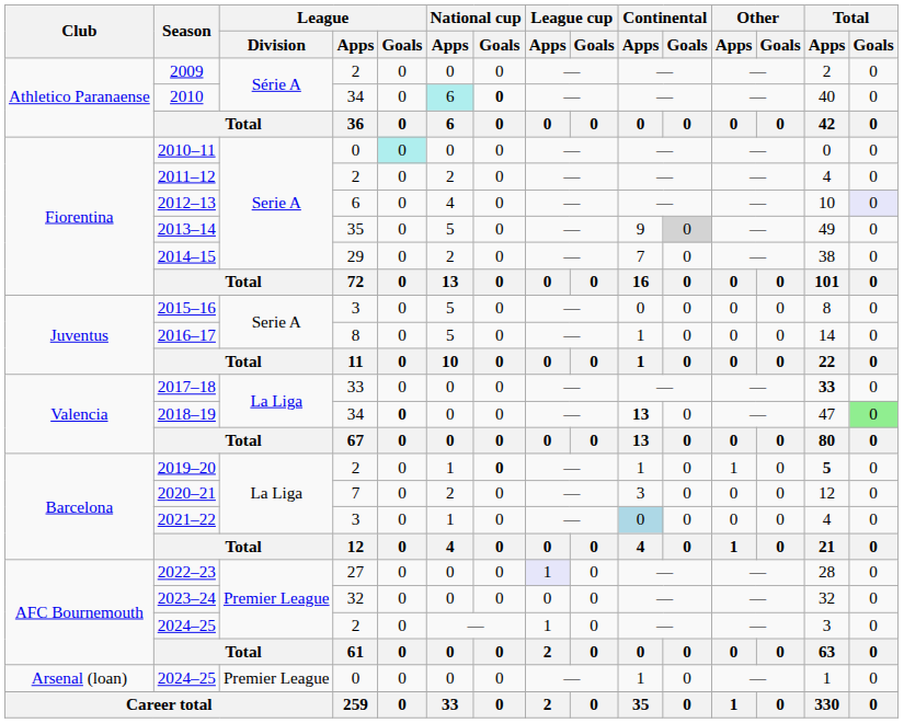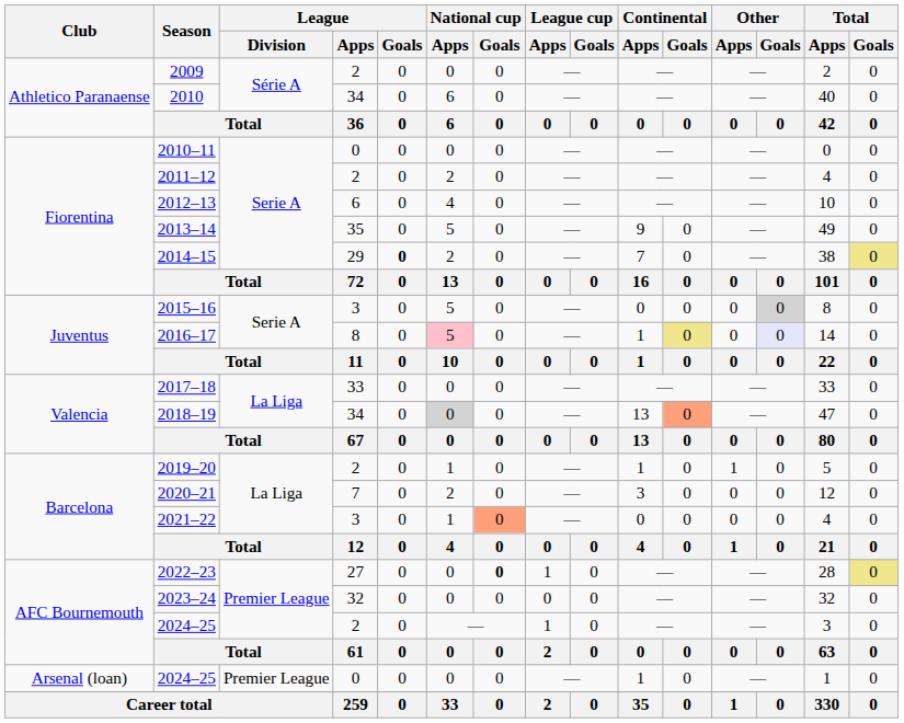 <table class="wikitable" style="text-align: center;">
 <tr>
 <th rowspan="2">Club</th>
 <th rowspan="2">Season</th>
 <th colspan="3">League</th>
 <th colspan="2">National cup</th>
 <th colspan="2">League cup</th>
 <th colspan="2">Continental</th>
 <th colspan="2">Other</th>
 <th colspan="2">Total</th>
 </tr>
 <tr>
 <th>Division</th>
 <th>Apps</th>
 <th>Goals</th>
 <th>Apps</th>
 <th>Goals</th>
 <th>Apps</th>
 <th>Goals</th>
 <th>Apps</th>
 <th>Goals</th>
 <th>Apps</th>
 <th>Goals</th>
 <th>Apps</th>
 <th>Goals</th>
 </tr>
 <tr>
 <td rowspan="3"><a href='#'>Athletico Paranaense</a></td>
 <td><a href='#'>2009</a></td>
 <td rowspan="2"><a href='#'>Série A</a></td>
 <td>2</td>
 <td>0</td>
 <td>0</td>
 <td>0</td>
 <td colspan="2">—</td>
 <td colspan="2">—</td>
 <td colspan="2">—</td>
 <td>2</td>
 <td>0</td>
 </tr>
 <tr>
 <td><a href='#'>2010</a></td>
 <td>34</td>
 <td>0</td>
-<td style="background: paleturquoise;">6</td>
-<td><strong>0</strong></td>
+<td>6</td>
+<td>0</td>
 <td colspan="2">—</td>
 <td colspan="2">—</td>
 <td colspan="2">—</td>
 <td>40</td>
 <td>0</td>
 </tr>
 <tr>
 <th colspan="2">Total</th>
 <th>36</th>
 <th>0</th>
 <th>6</th>
 <th>0</th>
 <th>0</th>
 <th>0</th>
 <th>0</th>
 <th>0</th>
 <th>0</th>
 <th>0</th>
 <th>42</th>
 <th>0</th>
 </tr>
 <tr>
 <td rowspan="6"><a href='#'>Fiorentina</a></td>
 <td><a href='#'>2010–11</a></td>
 <td rowspan="5"><a href='#'>Serie A</a></td>
 <td>0</td>
-<td style="background: paleturquoise;">0</td>
+<td>0</td>
 <td>0</td>
 <td>0</td>
 <td colspan="2">—</td>
 <td colspan="2">—</td>
 <td colspan="2">—</td>
 <td>0</td>
 <td>0</td>
 </tr>
 <tr>
 <td><a href='#'>2011–12</a></td>
 <td>2</td>
 <td>0</td>
 <td>2</td>
 <td>0</td>
 <td colspan="2">—</td>
 <td colspan="2">—</td>
 <td colspan="2">—</td>
 <td>4</td>
 <td>0</td>
 </tr>
 <tr>
 <td><a href='#'>2012–13</a></td>
 <td>6</td>
 <td>0</td>
 <td>4</td>
 <td>0</td>
 <td colspan="2">—</td>
 <td colspan="2">—</td>
 <td colspan="2">—</td>
 <td>10</td>
-<td style="background: lavender;">0</td>
+<td>0</td>
 </tr>
 <tr>
 <td><a href='#'>2013–14</a></td>
 <td>35</td>
 <td>0</td>
 <td>5</td>
 <td>0</td>
 <td colspan="2">—</td>
 <td>9</td>
-<td style="background: lightgrey;">0</td>
+<td>0</td>
 <td colspan="2">—</td>
 <td>49</td>
 <td>0</td>
 </tr>
 <tr>
 <td><a href='#'>2014–15</a></td>
 <td>29</td>
-<td>0</td>
+<td><strong>0</strong></td>
 <td>2</td>
 <td>0</td>
 <td colspan="2">—</td>
 <td>7</td>
 <td>0</td>
 <td colspan="2">—</td>
 <td>38</td>
-<td>0</td>
+<td style="background: khaki;">0</td>
 </tr>
 <tr>
 <th colspan="2">Total</th>
 <th>72</th>
 <th>0</th>
 <th>13</th>
 <th>0</th>
 <th>0</th>
 <th>0</th>
 <th>16</th>
 <th>0</th>
 <th>0</th>
 <th>0</th>
 <th>101</th>
 <th>0</th>
 </tr>
 <tr>
 <td rowspan="3"><a href='#'>Juventus</a></td>
 <td><a href='#'>2015–16</a></td>
 <td rowspan="2">Serie A</td>
 <td>3</td>
 <td>0</td>
 <td>5</td>
 <td>0</td>
 <td colspan="2">—</td>
 <td>0</td>
 <td>0</td>
 <td>0</td>
-<td>0</td>
+<td style="background: lightgrey;">0</td>
 <td>8</td>
 <td>0</td>
 </tr>
 <tr>
 <td><a href='#'>2016–17</a></td>
 <td>8</td>
 <td>0</td>
-<td>5</td>
+<td style="background: pink;">5</td>
 <td>0</td>
 <td colspan="2">—</td>
 <td>1</td>
+<td style="background: khaki;">0</td>
 <td>0</td>
-<td>0</td>
-<td>0</td>
+<td style="background: lavender;">0</td>
 <td>14</td>
 <td>0</td>
 </tr>
 <tr>
 <th colspan="2">Total</th>
 <th>11</th>
 <th>0</th>
 <th>10</th>
 <th>0</th>
 <th>0</th>
 <th>0</th>
 <th>1</th>
 <th>0</th>
 <th>0</th>
 <th>0</th>
 <th>22</th>
 <th>0</th>
 </tr>
 <tr>
 <td rowspan="3"><a href='#'>Valencia</a></td>
 <td><a href='#'>2017–18</a></td>
 <td rowspan="2"><a href='#'>La Liga</a></td>
 <td>33</td>
 <td>0</td>
 <td>0</td>
 <td>0</td>
 <td colspan="2">—</td>
 <td colspan="2">—</td>
 <td colspan="2">—</td>
-<td><strong>33</strong></td>
+<td>33</td>
 <td>0</td>
 </tr>
 <tr>
 <td><a href='#'>2018–19</a></td>
 <td>34</td>
-<td><strong>0</strong></td>
 <td>0</td>
+<td style="background: lightgrey;">0</td>
 <td>0</td>
 <td colspan="2">—</td>
-<td><strong>13</strong></td>
-<td>0</td>
+<td>13</td>
+<td style="background: lightsalmon;">0</td>
 <td colspan="2">—</td>
 <td>47</td>
-<td style="background: lightgreen;">0</td>
+<td>0</td>
 </tr>
 <tr>
 <th colspan="2">Total</th>
 <th>67</th>
 <th>0</th>
 <th>0</th>
 <th>0</th>
 <th>0</th>
 <th>0</th>
 <th>13</th>
 <th>0</th>
 <th>0</th>
 <th>0</th>
 <th>80</th>
 <th>0</th>
 </tr>
 <tr>
 <td rowspan="4"><a href='#'>Barcelona</a></td>
 <td><a href='#'>2019–20</a></td>
 <td rowspan="3">La Liga</td>
 <td>2</td>
 <td>0</td>
 <td>1</td>
-<td><strong>0</strong></td>
+<td>0</td>
 <td colspan="2">—</td>
 <td>1</td>
 <td>0</td>
 <td>1</td>
 <td>0</td>
-<td><strong>5</strong></td>
+<td>5</td>
 <td>0</td>
 </tr>
 <tr>
 <td><a href='#'>2020–21</a></td>
 <td>7</td>
 <td>0</td>
 <td>2</td>
 <td>0</td>
 <td colspan="2">—</td>
 <td>3</td>
 <td>0</td>
 <td>0</td>
 <td>0</td>
 <td>12</td>
 <td>0</td>
 </tr>
 <tr>
 <td><a href='#'>2021–22</a></td>
 <td>3</td>
 <td>0</td>
 <td>1</td>
+<td style="background: lightsalmon;">0</td>
+<td colspan="2">—</td>
 <td>0</td>
-<td colspan="2">—</td>
-<td style="background: lightblue;">0</td>
 <td>0</td>
 <td>0</td>
 <td>0</td>
 <td>4</td>
 <td>0</td>
 </tr>
 <tr>
 <th colspan="2">Total</th>
 <th>12</th>
 <th>0</th>
 <th>4</th>
 <th>0</th>
 <th>0</th>
 <th>0</th>
 <th>4</th>
 <th>0</th>
 <th>1</th>
 <th>0</th>
 <th>21</th>
 <th>0</th>
 </tr>
 <tr>
 <td rowspan="4"><a href='#'>AFC Bournemouth</a></td>
 <td><a href='#'>2022–23</a></td>
 <td rowspan="3"><a href='#'>Premier League</a></td>
 <td>27</td>
 <td>0</td>
 <td>0</td>
-<td>0</td>
-<td style="background: lavender;">1</td>
+<td><strong>0</strong></td>
+<td>1</td>
 <td>0</td>
 <td colspan="2">—</td>
 <td colspan="2">—</td>
 <td>28</td>
-<td>0</td>
+<td style="background: khaki;">0</td>
 </tr>
 <tr>
 <td><a href='#'>2023–24</a></td>
 <td>32</td>
 <td>0</td>
 <td>0</td>
 <td>0</td>
 <td>0</td>
 <td>0</td>
 <td colspan="2">—</td>
 <td colspan="2">—</td>
 <td>32</td>
 <td>0</td>
 </tr>
 <tr>
 <td><a href='#'>2024–25</a></td>
 <td>2</td>
 <td>0</td>
 <td colspan="2">—</td>
 <td>1</td>
 <td>0</td>
 <td colspan="2">—</td>
 <td colspan="2">—</td>
 <td>3</td>
 <td>0</td>
 </tr>
 <tr>
 <th colspan="2">Total</th>
 <th>61</th>
 <th>0</th>
 <th>0</th>
 <th>0</th>
 <th>2</th>
 <th>0</th>
 <th>0</th>
 <th>0</th>
 <th>0</th>
 <th>0</th>
 <th>63</th>
 <th>0</th>
 </tr>
 <tr>
 <td><a href='#'>Arsenal</a> (loan)</td>
 <td><a href='#'>2024–25</a></td>
 <td>Premier League</td>
 <td>0</td>
 <td>0</td>
 <td>0</td>
 <td>0</td>
 <td colspan="2">—</td>
 <td>1</td>
 <td>0</td>
 <td colspan="2">—</td>
 <td>1</td>
 <td>0</td>
 </tr>
 <tr>
 </tr>
 <tr>
 <th colspan="3">Career total</th>
 <th>259</th>
 <th>0</th>
 <th>33</th>
 <th>0</th>
 <th>2</th>
 <th>0</th>
 <th>35</th>
 <th>0</th>
 <th>1</th>
 <th>0</th>
 <th>330</th>
 <th>0</th>
 </tr>
 </table>
